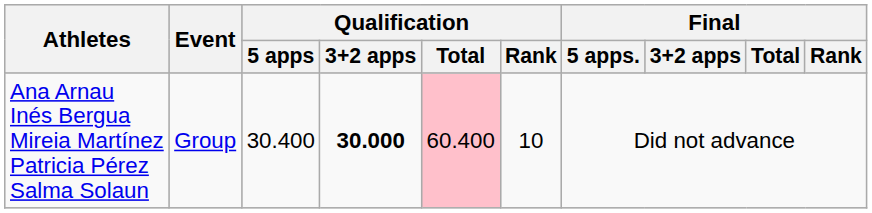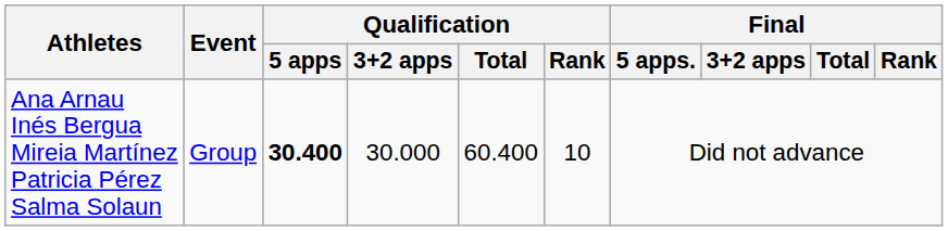 <table class="wikitable" style="font-size:90%">
 <tr>
 <th rowspan="2">Athletes</th>
 <th rowspan="2">Event</th>
 <th colspan="4">Qualification</th>
 <th colspan="4">Final</th>
 </tr>
 <tr style="font-size:95%">
 <th>5 apps</th>
 <th>3+2 apps</th>
 <th>Total</th>
 <th>Rank</th>
 <th>5 apps.</th>
 <th>3+2 apps</th>
 <th>Total</th>
 <th>Rank</th>
 </tr>
 <tr align=center>
 <td align=left><a href='#'>Ana Arnau</a><br><a href='#'>Inés Bergua</a><br><a href='#'>Mireia Martínez</a><br><a href='#'>Patricia Pérez</a><br><a href='#'>Salma Solaun</a></td>
 <td align=left><a href='#'>Group</a></td>
-<td>30.400</td>
-<td><strong>30.000</strong></td>
-<td style="background: pink;">60.400</td>
+<td><strong>30.400</strong></td>
+<td>30.000</td>
+<td>60.400</td>
 <td>10</td>
 <td colspan=4>Did not advance</td>
 </tr>
 </table>
